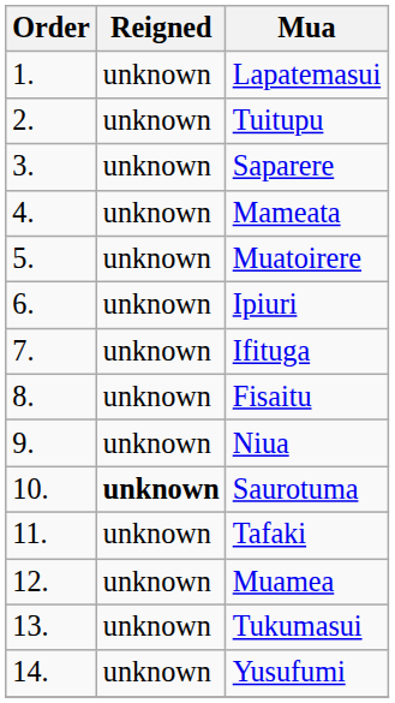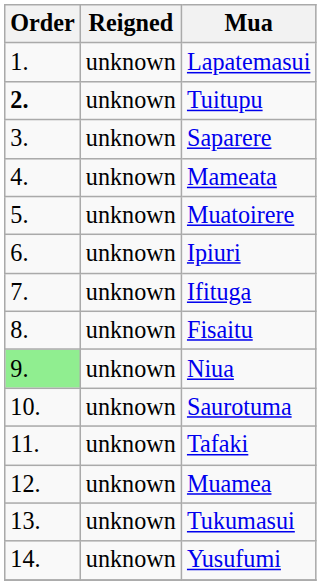 <table class="wikitable">
 <tr>
 <th>Order</th>
 <th>Reigned</th>
 <th>Mua</th>
 </tr>
 <tr>
 <td>1.</td>
 <td>unknown</td>
 <td><a href='#'>Lapatemasui</a></td>
 </tr>
 <tr>
-<td>2.</td>
+<td><strong>2.</strong></td>
 <td>unknown</td>
 <td><a href='#'>Tuitupu</a></td>
 </tr>
 <tr>
 <td>3.</td>
 <td>unknown</td>
 <td><a href='#'>Saparere</a></td>
 </tr>
 <tr>
 <td>4.</td>
 <td>unknown</td>
 <td><a href='#'>Mameata</a></td>
 </tr>
 <tr>
 <td>5.</td>
 <td>unknown</td>
 <td><a href='#'>Muatoirere</a></td>
 </tr>
 <tr>
 <td>6.</td>
 <td>unknown</td>
 <td><a href='#'>Ipiuri</a></td>
 </tr>
 <tr>
 <td>7.</td>
 <td>unknown</td>
 <td><a href='#'>Ifituga</a></td>
 </tr>
 <tr>
 <td>8.</td>
 <td>unknown</td>
 <td><a href='#'>Fisaitu</a></td>
 </tr>
 <tr>
-<td>9.</td>
+<td style="background: lightgreen;">9.</td>
 <td>unknown</td>
 <td><a href='#'>Niua</a></td>
 </tr>
 <tr>
 <td>10.</td>
-<td><strong>unknown</strong></td>
+<td>unknown</td>
 <td><a href='#'>Saurotuma</a></td>
 </tr>
 <tr>
 <td>11.</td>
 <td>unknown</td>
 <td><a href='#'>Tafaki</a></td>
 </tr>
 <tr>
 <td>12.</td>
 <td>unknown</td>
 <td><a href='#'>Muamea</a></td>
 </tr>
 <tr>
 <td>13.</td>
 <td>unknown</td>
 <td><a href='#'>Tukumasui</a></td>
 </tr>
 <tr>
 <td>14.</td>
 <td>unknown</td>
 <td><a href='#'>Yusufumi</a></td>
 </tr>
 <tr>
 </tr>
 </table>
